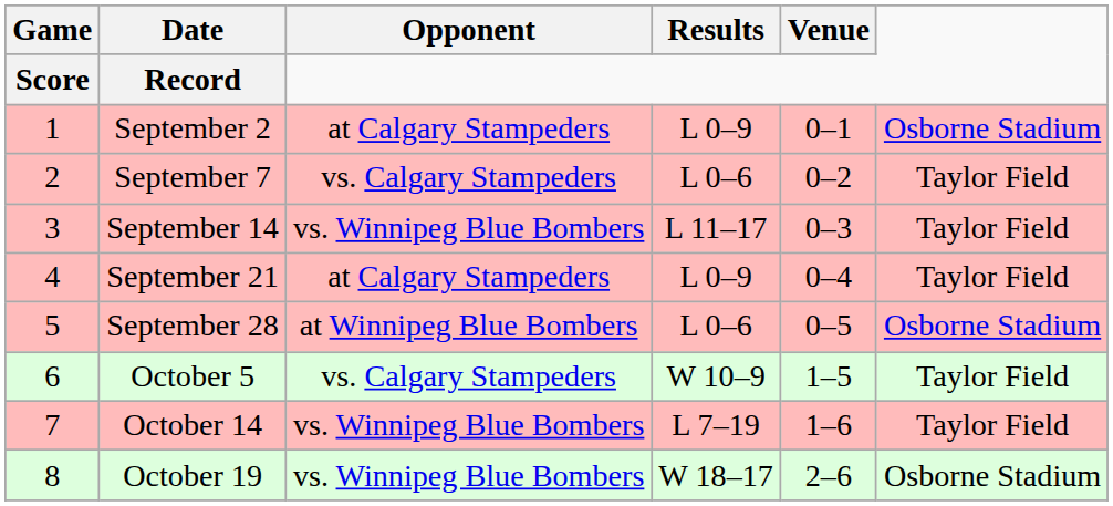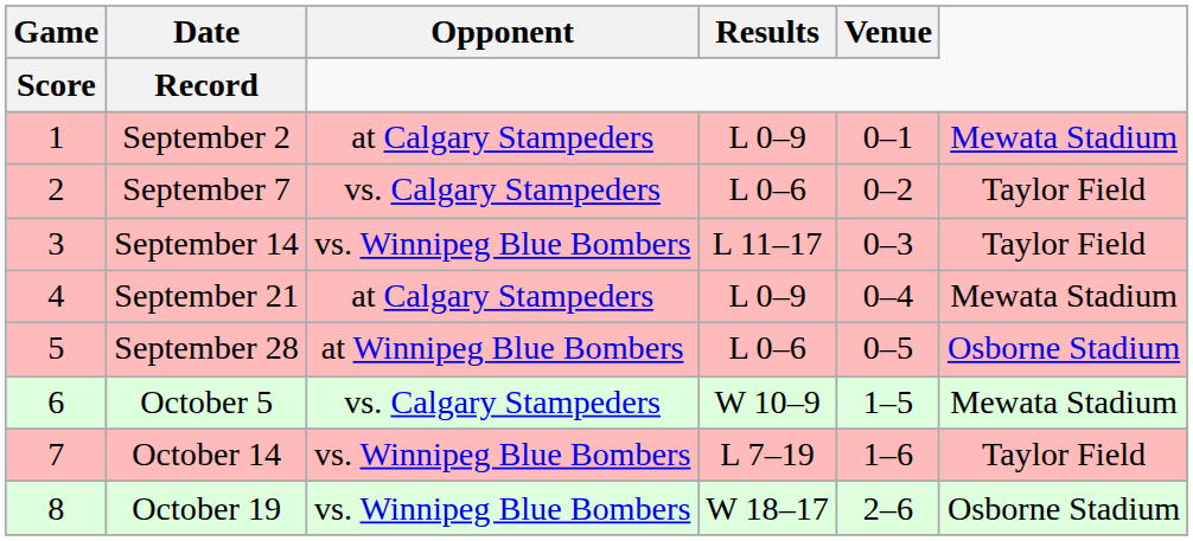 <table class="wikitable" style="text-align:center">
 <tr>
 <th>Game</th>
 <th>Date</th>
 <th>Opponent</th>
 <th>Results</th>
 <th>Venue</th>
 </tr>
 <tr>
 <th>Score</th>
 <th>Record</th>
 </tr>
 <tr style="background:#ffbbbb">
 <td>1</td>
 <td>September 2</td>
 <td>at <a href='#'>Calgary Stampeders</a></td>
 <td>L 0–9</td>
 <td>0–1</td>
-<td><a href='#'>Osborne Stadium</a></td>
+<td><a href='#'>Mewata Stadium</a></td>
 </tr>
 <tr style="background:#ffbbbb">
 <td>2</td>
 <td>September 7</td>
 <td>vs. <a href='#'>Calgary Stampeders</a></td>
 <td>L 0–6</td>
 <td>0–2</td>
 <td>Taylor Field</td>
 </tr>
 <tr style="background:#ffbbbb">
 <td>3</td>
 <td>September 14</td>
 <td>vs. <a href='#'>Winnipeg Blue Bombers</a></td>
 <td>L 11–17</td>
 <td>0–3</td>
 <td>Taylor Field</td>
 </tr>
 <tr style="background:#ffbbbb">
 <td>4</td>
 <td>September 21</td>
 <td>at <a href='#'>Calgary Stampeders</a></td>
 <td>L 0–9</td>
 <td>0–4</td>
-<td>Taylor Field</td>
+<td>Mewata Stadium</td>
 </tr>
 <tr style="background:#ffbbbb">
 <td>5</td>
 <td>September 28</td>
 <td>at <a href='#'>Winnipeg Blue Bombers</a></td>
 <td>L 0–6</td>
 <td>0–5</td>
 <td><a href='#'>Osborne Stadium</a></td>
 </tr>
 <tr style="background:#ddffdd">
 <td>6</td>
 <td>October 5</td>
 <td>vs. <a href='#'>Calgary Stampeders</a></td>
 <td>W 10–9</td>
 <td>1–5</td>
-<td>Taylor Field</td>
+<td>Mewata Stadium</td>
 </tr>
 <tr style="background:#ffbbbb">
 <td>7</td>
 <td>October 14</td>
 <td>vs. <a href='#'>Winnipeg Blue Bombers</a></td>
 <td>L 7–19</td>
 <td>1–6</td>
 <td>Taylor Field</td>
 </tr>
 <tr style="background:#ddffdd">
 <td>8</td>
 <td>October 19</td>
 <td>vs. <a href='#'>Winnipeg Blue Bombers</a></td>
 <td>W 18–17</td>
 <td>2–6</td>
 <td>Osborne Stadium</td>
 </tr>
 </table>
